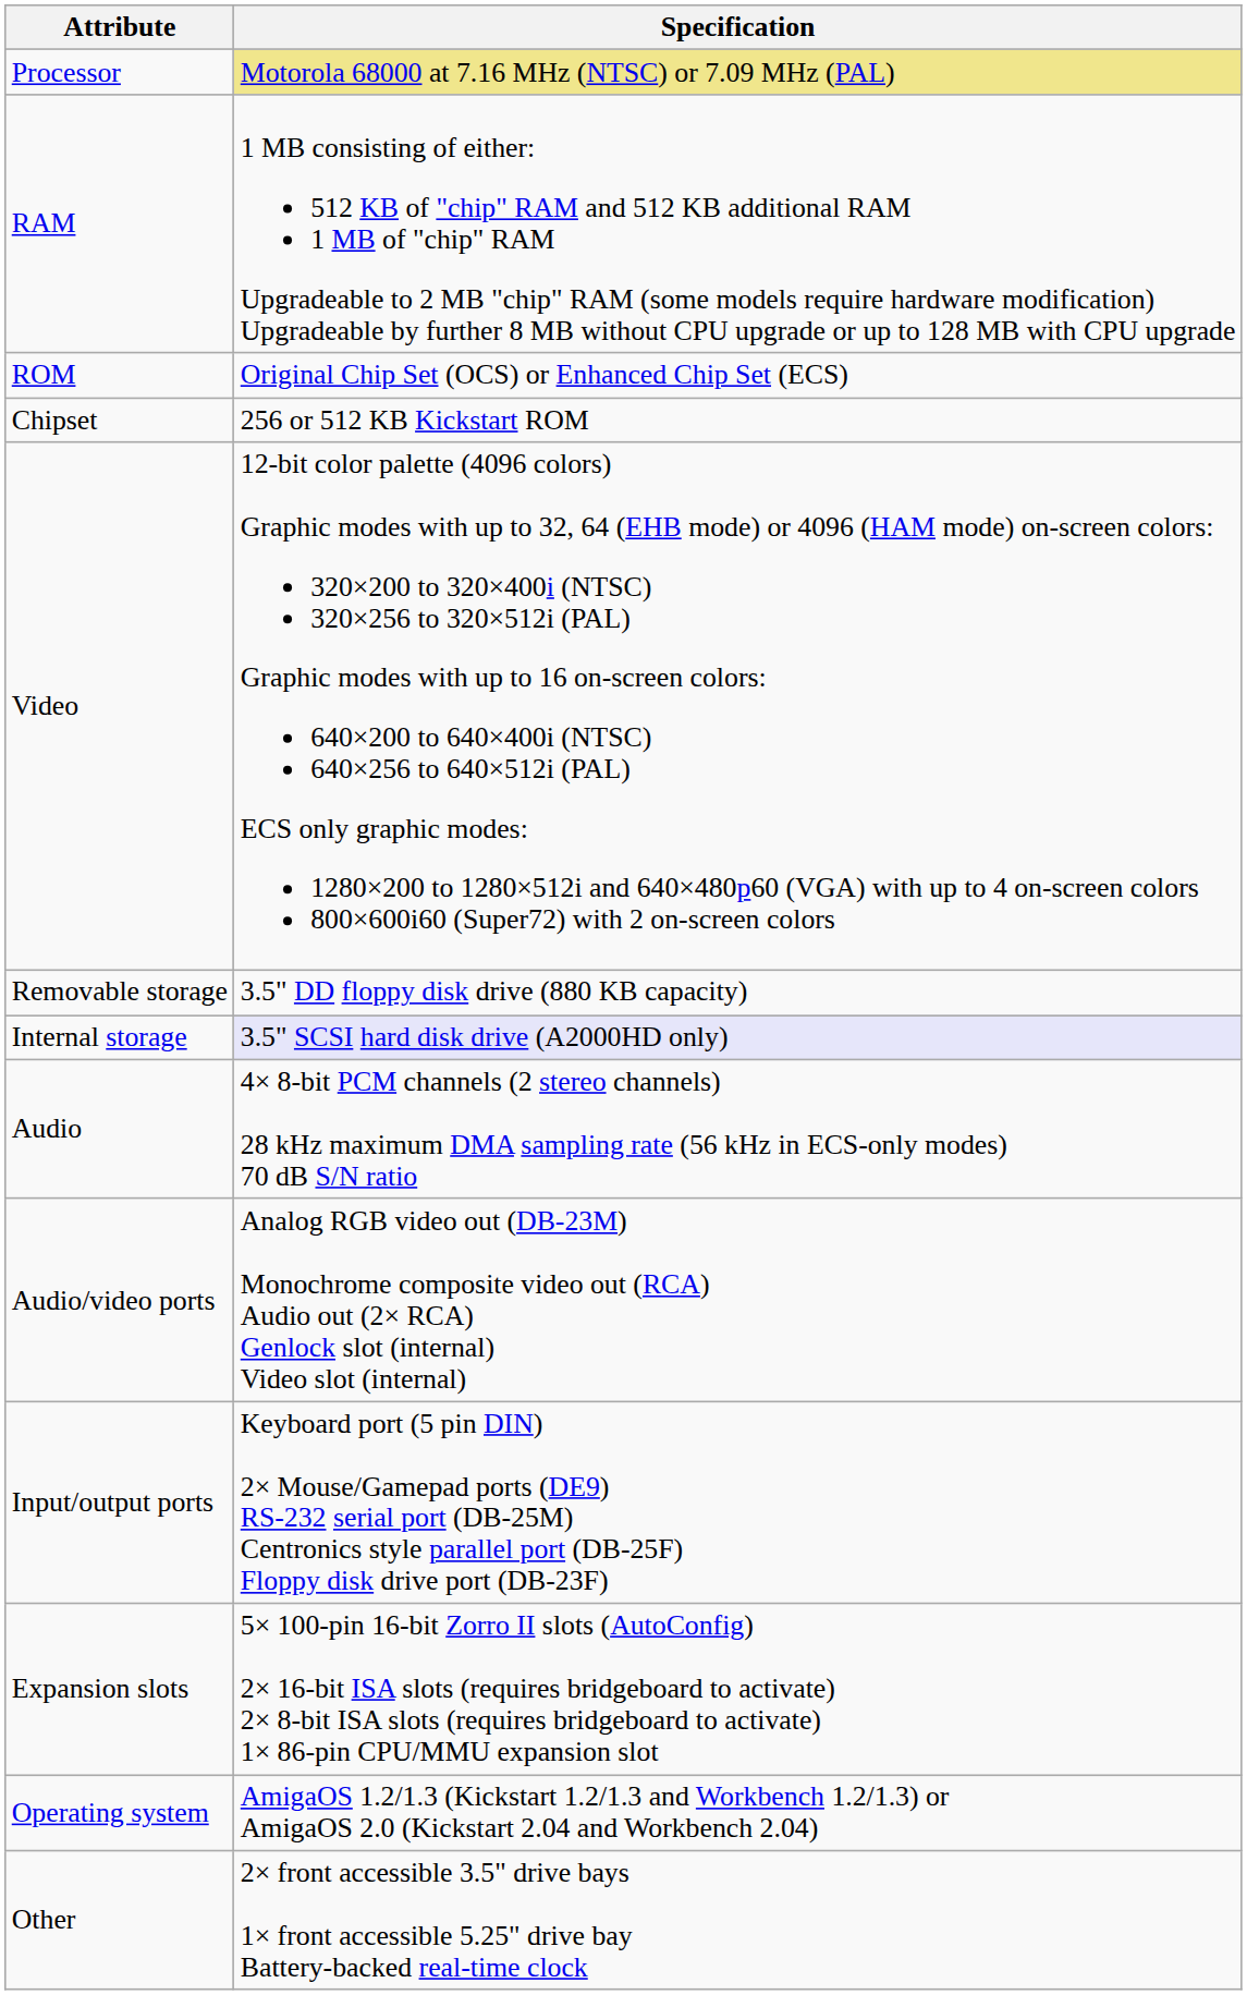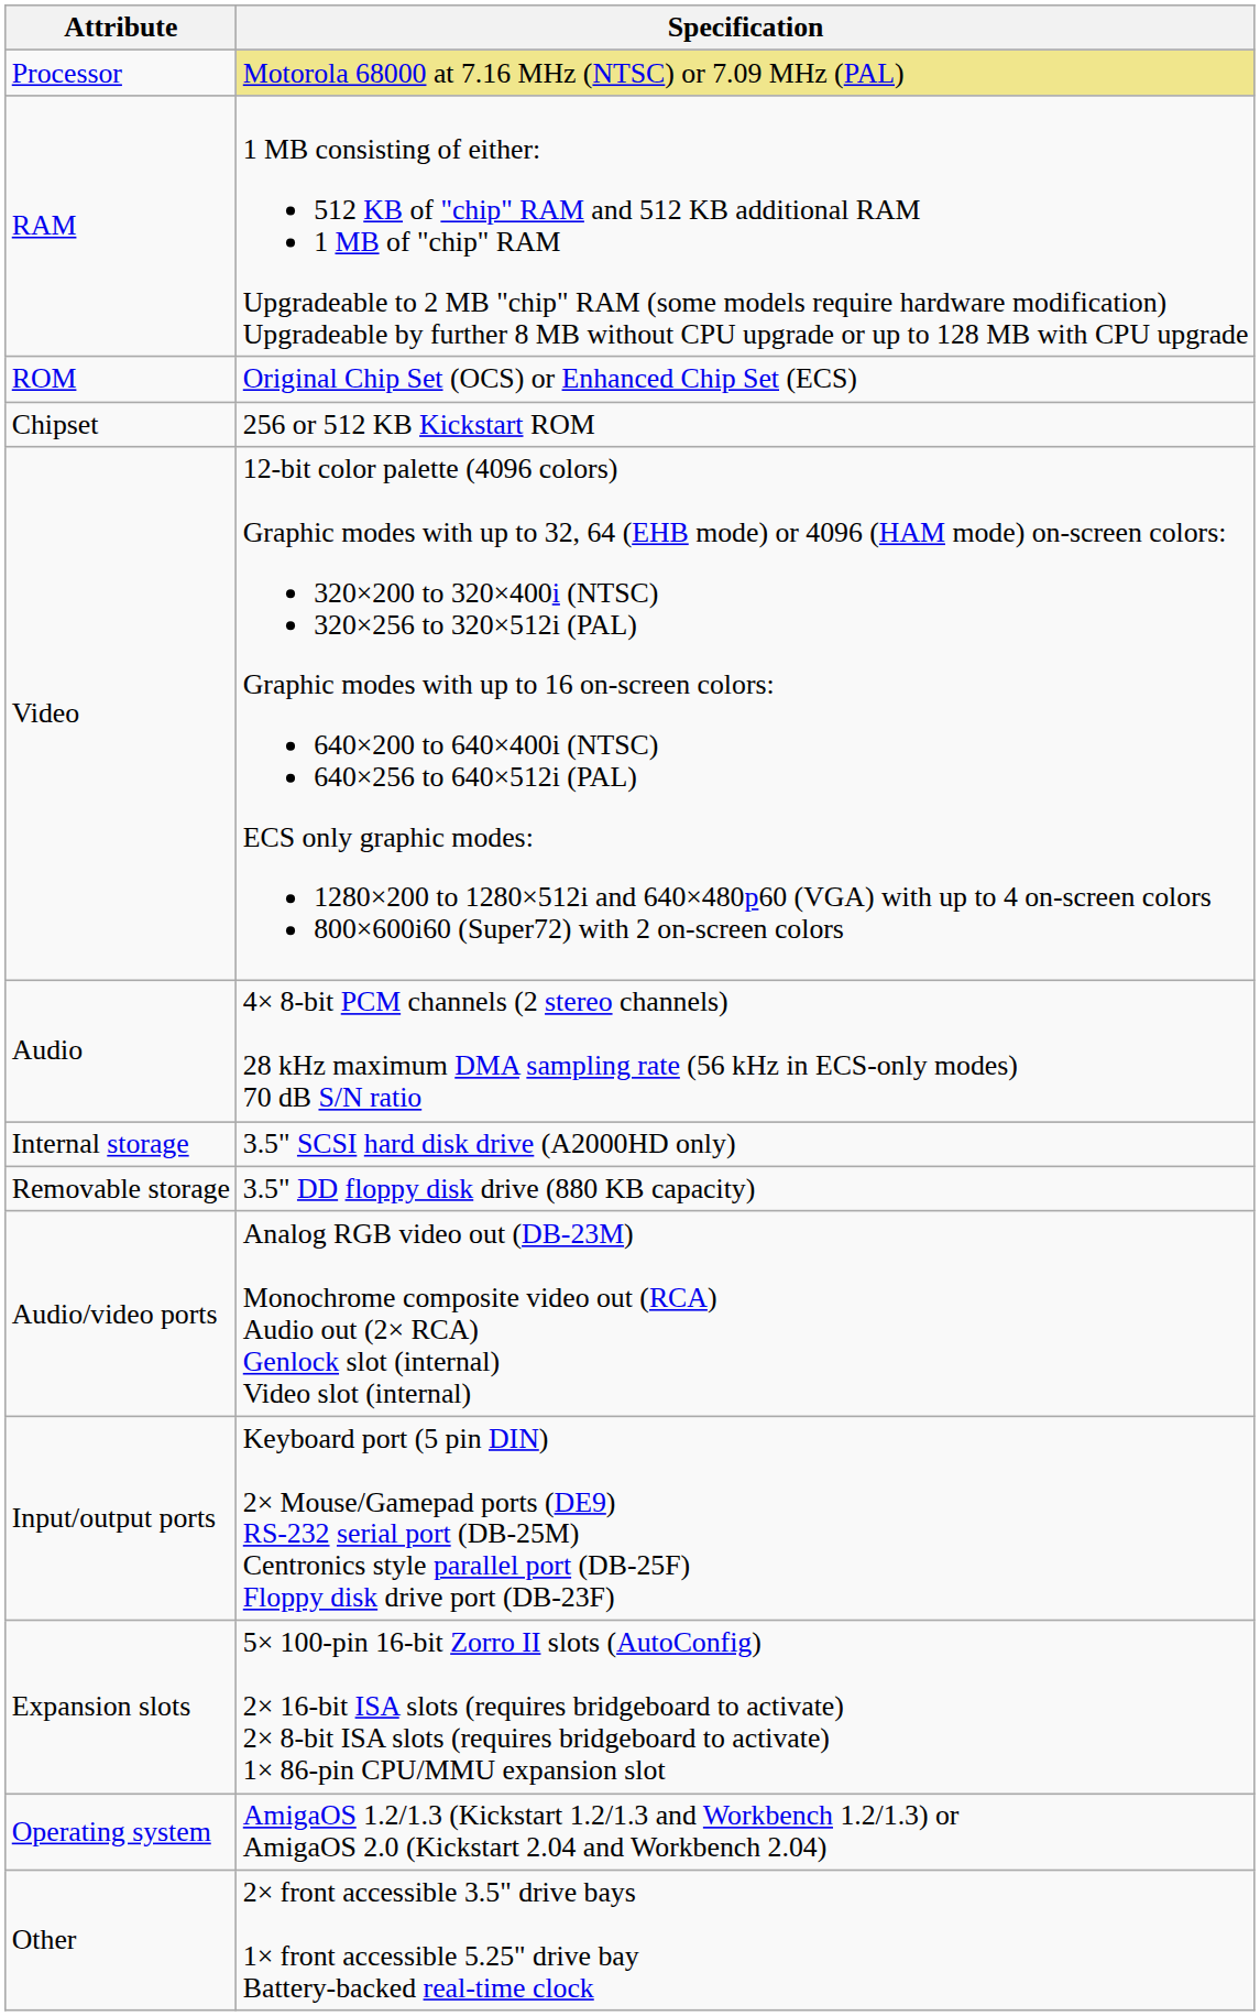 <table class="wikitable">
 <tr>
 <th>Attribute</th>
 <th>Specification</th>
 </tr>
 <tr>
 <td><a href='#'>Processor</a></td>
 <td style="background: khaki;"><a href='#'>Motorola 68000</a> at 7.16 MHz (<a href='#'>NTSC</a>) or 7.09 MHz (<a href='#'>PAL</a>)</td>
 </tr>
 <tr>
 <td><a href='#'>RAM</a></td>
 <td><br>1 MB consisting of either:<ul><li>512 <a href='#'>KB</a> of <a href='#'>"chip" RAM</a> and 512 KB additional RAM</li><li>1 <a href='#'>MB</a> of "chip" RAM</li></ul>Upgradeable to 2 MB "chip" RAM (some models require hardware modification)<br> Upgradeable by further 8 MB without CPU upgrade or up to 128 MB with CPU upgrade</td>
 </tr>
 <tr>
 <td><a href='#'>ROM</a></td>
 <td><a href='#'>Original Chip Set</a> (OCS) or <a href='#'>Enhanced Chip Set</a> (ECS)</td>
 </tr>
 <tr>
 <td>Chipset</td>
 <td>256 or 512 KB <a href='#'>Kickstart</a> ROM</td>
 </tr>
 <tr>
 <td>Video</td>
 <td>12-bit color palette (4096 colors)<br><br>Graphic modes with up to 32, 64 (<a href='#'>EHB</a> mode) or 4096 (<a href='#'>HAM</a> mode) on-screen colors:<ul><li>320×200 to 320×400<a href='#'>i</a> (NTSC)</li><li>320×256 to 320×512i (PAL)</li></ul>Graphic modes with up to 16 on-screen colors:<ul><li>640×200 to 640×400i (NTSC)</li><li>640×256 to 640×512i (PAL)</li></ul>ECS only graphic modes:<ul><li>1280×200 to 1280×512i and 640×480<a href='#'>p</a>60 (VGA) with up to 4 on-screen colors</li><li>800×600i60 (Super72) with 2 on-screen colors</li></ul></td>
 </tr>
 <tr>
-<td>Removable storage</td>
-<td>3.5" <a href='#'>DD</a> <a href='#'>floppy disk</a> drive (880 KB capacity)</td>
+<td>Audio</td>
+<td>4× 8-bit <a href='#'>PCM</a> channels (2 <a href='#'>stereo</a> channels)<br><br>28 kHz maximum <a href='#'>DMA</a> <a href='#'>sampling rate</a> (56 kHz in ECS-only modes)<br> 70 dB <a href='#'>S/N ratio</a></td>
 </tr>
 <tr>
 <td>Internal <a href='#'>storage</a></td>
-<td style="background: lavender;">3.5" <a href='#'>SCSI</a> <a href='#'>hard disk drive</a> (A2000HD only)</td>
+<td>3.5" <a href='#'>SCSI</a> <a href='#'>hard disk drive</a> (A2000HD only)</td>
 </tr>
 <tr>
-<td>Audio</td>
-<td>4× 8-bit <a href='#'>PCM</a> channels (2 <a href='#'>stereo</a> channels)<br><br>28 kHz maximum <a href='#'>DMA</a> <a href='#'>sampling rate</a> (56 kHz in ECS-only modes)<br> 70 dB <a href='#'>S/N ratio</a></td>
+<td>Removable storage</td>
+<td>3.5" <a href='#'>DD</a> <a href='#'>floppy disk</a> drive (880 KB capacity)</td>
 </tr>
 <tr>
 <td>Audio/video ports</td>
 <td>Analog RGB video out (<a href='#'>DB-23M</a>)<br><br>Monochrome composite video out (<a href='#'>RCA</a>)<br> Audio out (2× RCA)<br> <a href='#'>Genlock</a> slot (internal)<br> Video slot (internal)</td>
 </tr>
 <tr>
 <td>Input/output ports</td>
 <td>Keyboard port (5 pin <a href='#'>DIN</a>)<br><br>2× Mouse/Gamepad ports (<a href='#'>DE9</a>)<br> <a href='#'>RS-232</a> <a href='#'>serial port</a> (DB-25M)<br> Centronics style <a href='#'>parallel port</a> (DB-25F)<br> <a href='#'>Floppy disk</a> drive port (DB-23F)</td>
 </tr>
 <tr>
 <td>Expansion slots</td>
 <td>5× 100-pin 16-bit <a href='#'>Zorro II</a> slots (<a href='#'>AutoConfig</a>)<br><br>2× 16-bit <a href='#'>ISA</a> slots (requires bridgeboard to activate)<br> 2× 8-bit ISA slots (requires bridgeboard to activate)<br> 1× 86-pin CPU/MMU expansion slot</td>
 </tr>
 <tr>
 <td><a href='#'>Operating system</a></td>
 <td><a href='#'>AmigaOS</a> 1.2/1.3 (Kickstart 1.2/1.3 and <a href='#'>Workbench</a> 1.2/1.3) or<br> AmigaOS 2.0 (Kickstart 2.04 and Workbench 2.04)</td>
 </tr>
 <tr>
 <td>Other</td>
 <td>2× front accessible 3.5" drive bays<br><br>1× front accessible 5.25" drive bay<br> Battery-backed <a href='#'>real-time clock</a></td>
 </tr>
 </table>
